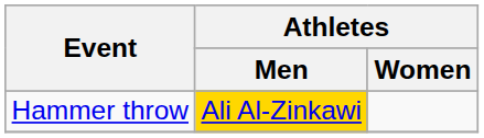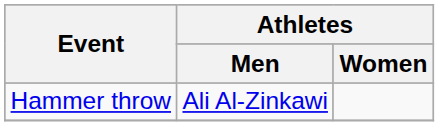 <table class=wikitable style="font-size:90%">
 <tr>
 <th rowspan=2>Event</th>
 <th colspan=2>Athletes</th>
 </tr>
 <tr>
 <th>Men</th>
 <th>Women</th>
 </tr>
 <tr>
 <td><a href='#'>Hammer throw</a></td>
-<td style="background: gold;"><a href='#'>Ali Al-Zinkawi</a></td>
+<td><a href='#'>Ali Al-Zinkawi</a></td>
 <td></td>
 </tr>
 <tr>
 </tr>
 </table>
